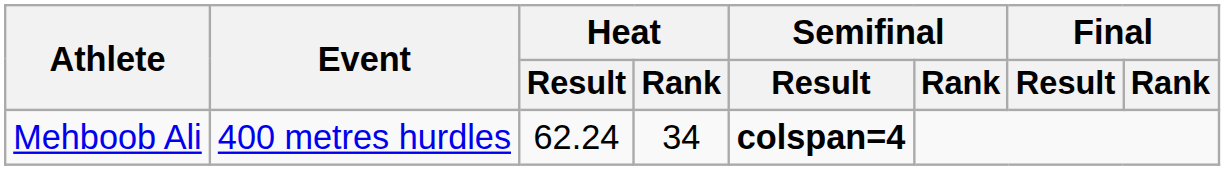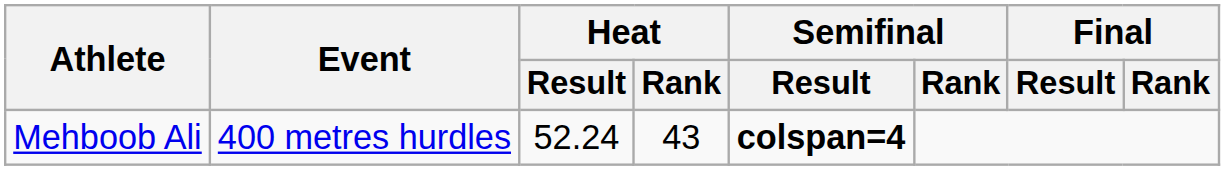 <table class="wikitable" style="font-size:90%">
 <tr>
 <th rowspan="2">Athlete</th>
 <th rowspan="2">Event</th>
 <th colspan="2">Heat</th>
 <th colspan="2">Semifinal</th>
 <th colspan="2">Final</th>
 </tr>
 <tr style="font-size:95%">
 <th>Result</th>
 <th>Rank</th>
 <th>Result</th>
 <th>Rank</th>
 <th>Result</th>
 <th>Rank</th>
 </tr>
 <tr style=text-align:center>
 <td style=text-align:left><a href='#'>Mehboob Ali</a></td>
 <td style=text-align:left><a href='#'>400 metres hurdles</a></td>
-<td>62.24</td>
-<td>34</td>
+<td>52.24</td>
+<td>43</td>
 <td><strong>colspan=4 </strong></td>
 </tr>
 </table>
